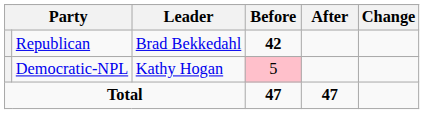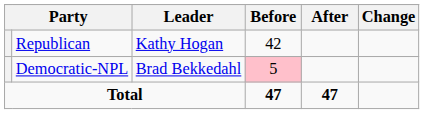 <table class="wikitable" style="text-align:center;">
 <tr>
 </tr>
 <tr>
 <th colspan="2">Party</th>
 <th>Leader</th>
 <th style="width:3em">Before</th>
 <th style="width:3em">After</th>
 <th style="width:3em">Change</th>
 </tr>
 <tr>
 <th style="background-color:"></th>
 <td style="text-align:left;"><a href='#'>Republican</a></td>
-<td style="text-align:left;"><a href='#'>Brad Bekkedahl</a></td>
-<td><strong>42</strong></td>
+<td style="text-align:left;"><a href='#'>Kathy Hogan</a></td>
+<td>42</td>
 <td></td>
 <td></td>
 </tr>
 <tr>
 <th style="background-color:"></th>
 <td style="text-align:left;"><a href='#'>Democratic-NPL</a></td>
-<td style="text-align:left;"><a href='#'>Kathy Hogan</a></td>
+<td style="text-align:left;"><a href='#'>Brad Bekkedahl</a></td>
 <td style="background: pink;">5</td>
 <td></td>
 <td></td>
 </tr>
 <tr>
 <td colspan="3"><strong>Total</strong></td>
 <td><strong>47</strong></td>
 <td><strong>47</strong></td>
 <td></td>
 </tr>
 </table>
